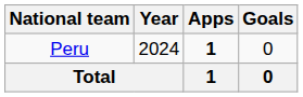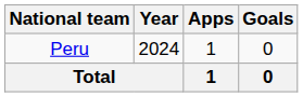 <table class=wikitable style=text-align:center>
 <tr>
 <th>National team</th>
 <th>Year</th>
 <th>Apps</th>
 <th>Goals</th>
 </tr>
 <tr>
 <td><a href='#'>Peru</a></td>
 <td>2024</td>
-<td><strong>1</strong></td>
+<td>1</td>
 <td>0</td>
 </tr>
 <tr>
 <th colspan="2">Total</th>
 <th>1</th>
 <th>0</th>
 </tr>
 </table>
